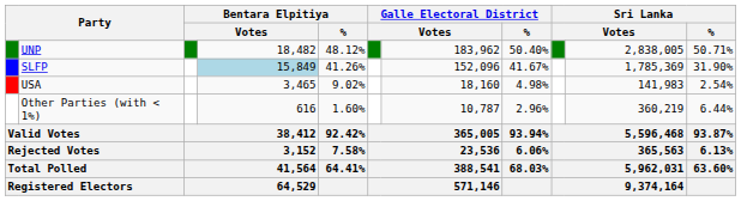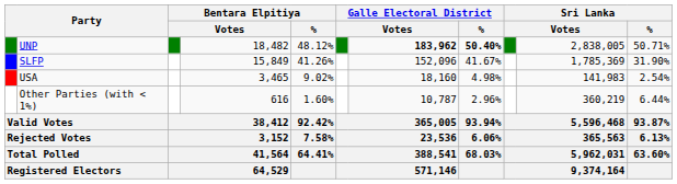 <table class="wikitable">
 <tr>
 <th colspan="2" width="144px"rowspan="2">Party</th>
 <th colspan="3" width="216px">Bentara Elpitiya</th>
 <th colspan="3" width="216px"><a href='#'>Galle Electoral District</a></th>
 <th colspan="3" width="216px">Sri Lanka</th>
 </tr>
 <tr>
 <th colspan="2" width="144px">Votes</th>
 <th>%</th>
 <th colspan="2" width="144px">Votes</th>
 <th>%</th>
 <th colspan="2" width="144px">Votes</th>
 <th>%</th>
 </tr>
 <tr>
 <td style="background-color:green;" width="10px"></td>
 <td style="text-align:left;"><a href='#'>UNP</a></td>
 <td style="background-color:green;" width="10px"></td>
 <td style="text-align:right;">18,482</td>
 <td style="text-align:right;">48.12%</td>
 <td style="background-color:green;" width="10px"></td>
-<td style="text-align:right;">183,962</td>
-<td style="text-align:right;">50.40%</td>
+<td style="text-align:right;"><strong>183,962</strong></td>
+<td style="text-align:right;"><strong>50.40%</strong></td>
 <td style="background-color:green;" width="10px"></td>
 <td style="text-align:right;">2,838,005</td>
 <td style="text-align:right;">50.71%</td>
 </tr>
 <tr>
 <td style="background-color:blue;" width="10px"></td>
 <td style="text-align:left;"><a href='#'>SLFP</a></td>
 <td style="background-color:white;" width="10px"></td>
-<td style="background: lightblue; text-align:right;">15,849</td>
+<td style="text-align:right;">15,849</td>
 <td style="text-align:right;">41.26%</td>
 <td style="background-color:white;" width="10px"></td>
 <td style="text-align:right;">152,096</td>
 <td style="text-align:right;">41.67%</td>
 <td style="background-color:white;" width="10px"></td>
 <td style="text-align:right;">1,785,369</td>
 <td style="text-align:right;">31.90%</td>
 </tr>
 <tr>
 <td style="background-color:red;" width="10px"></td>
 <td style="text-align:left;">USA</td>
 <td style="background-color:white;" width="10px"></td>
 <td style="text-align:right;">3,465</td>
 <td style="text-align:right;">9.02%</td>
 <td style="background-color:white;" width="10px"></td>
 <td style="text-align:right;">18,160</td>
 <td style="text-align:right;">4.98%</td>
 <td style="background-color:white;" width="10px"></td>
 <td style="text-align:right;">141,983</td>
 <td style="text-align:right;">2.54%</td>
 </tr>
 <tr>
 <td style="background-color:white;" width="10px"></td>
 <td style="text-align:left;">Other Parties (with < 1%)</td>
 <td style="background-color:white;" width="10px"></td>
 <td style="text-align:right;">616</td>
 <td style="text-align:right;">1.60%</td>
 <td style="background-color:white;" width="10px"></td>
 <td style="text-align:right;">10,787</td>
 <td style="text-align:right;">2.96%</td>
 <td style="background-color:white;" width="10px"></td>
 <td style="text-align:right;">360,219</td>
 <td style="text-align:right;">6.44%</td>
 </tr>
 <tr>
 <th colspan="2" width="144px"style="text-align:left;">Valid Votes</th>
 <th style="text-align:right;"colspan="2" width="144px">38,412</th>
 <th style="text-align:right;">92.42%</th>
 <th style="text-align:right;"colspan="2" width="144px">365,005</th>
 <th style="text-align:right;">93.94%</th>
 <th style="text-align:right;"colspan="2" width="144px">5,596,468</th>
 <th style="text-align:right;">93.87%</th>
 </tr>
 <tr>
 <th colspan="2" width="144px"style="text-align:left;">Rejected Votes</th>
 <th style="text-align:right;"colspan="2" width="144px">3,152</th>
 <th style="text-align:right;">7.58%</th>
 <th style="text-align:right;"colspan="2" width="144px">23,536</th>
 <th style="text-align:right;">6.06%</th>
 <th style="text-align:right;"colspan="2" width="144px">365,563</th>
 <th style="text-align:right;">6.13%</th>
 </tr>
 <tr>
 <th colspan="2" width="144px"style="text-align:left;">Total Polled</th>
 <th style="text-align:right;"colspan="2" width="144px">41,564</th>
 <th style="text-align:right;">64.41%</th>
 <th style="text-align:right;"colspan="2" width="144px">388,541</th>
 <th style="text-align:right;">68.03%</th>
 <th style="text-align:right;"colspan="2" width="144px">5,962,031</th>
 <th style="text-align:right;">63.60%</th>
 </tr>
 <tr>
 <th colspan="2" width="144px"style="text-align:left;">Registered Electors</th>
 <th style="text-align:right;"colspan="2" width="144px">64,529</th>
 <th></th>
 <th style="text-align:right;"colspan="2" width="144px">571,146</th>
 <th></th>
 <th style="text-align:right;"colspan="2" width="144px">9,374,164</th>
 <th></th>
 </tr>
 </table>
